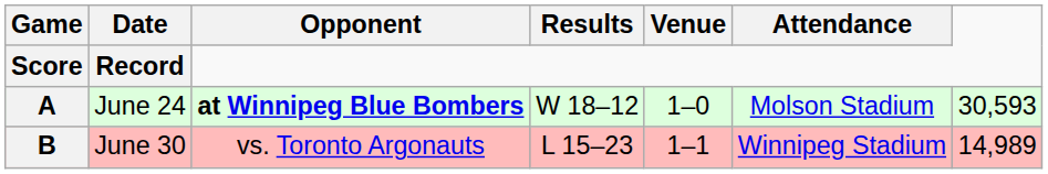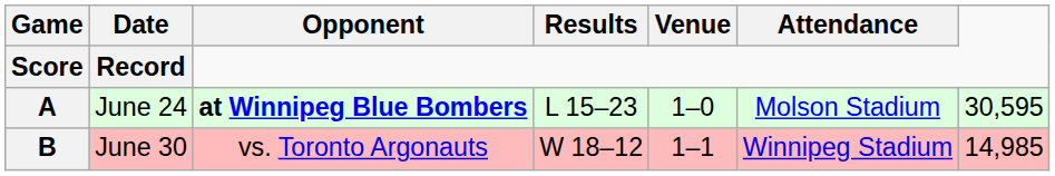 <table class="wikitable" style="text-align:center">
 <tr>
 <th scope="col">Game</th>
 <th scope="col">Date</th>
 <th scope="col">Opponent</th>
 <th scope="col">Results</th>
 <th scope="col">Venue</th>
 <th scope="col">Attendance</th>
 </tr>
 <tr>
 <th scope="col">Score</th>
 <th scope="col">Record</th>
 </tr>
 <tr style="background:#ddffdd">
 <th>A</th>
 <td>June 24</td>
 <td><strong>at <a href='#'>Winnipeg Blue Bombers</a></strong></td>
-<td>W 18–12</td>
+<td>L 15–23</td>
 <td>1–0</td>
 <td><a href='#'>Molson Stadium</a></td>
-<td>30,593</td>
+<td>30,595</td>
 </tr>
 <tr style="background:#ffbbbb">
 <th>B</th>
 <td>June 30</td>
 <td>vs. <a href='#'>Toronto Argonauts</a></td>
-<td>L 15–23</td>
+<td>W 18–12</td>
 <td>1–1</td>
 <td><a href='#'>Winnipeg Stadium</a></td>
-<td>14,989</td>
+<td>14,985</td>
 </tr>
 </table>
